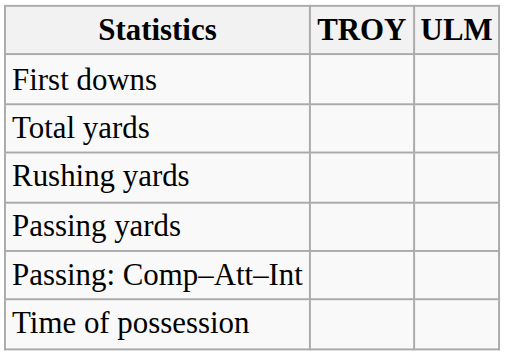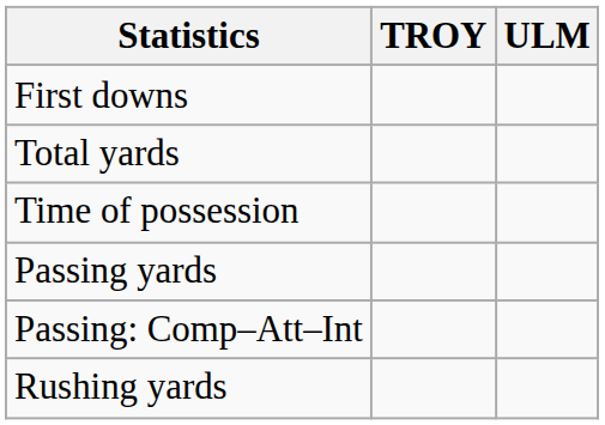 <table class="wikitable" style="float: left;">
 <tr>
 <th>Statistics</th>
 <th>TROY</th>
 <th>ULM</th>
 </tr>
 <tr>
 <td>First downs</td>
 <td></td>
 <td></td>
 </tr>
 <tr>
 <td>Total yards</td>
 <td></td>
 <td></td>
 </tr>
 <tr>
-<td>Rushing yards</td>
+<td>Time of possession</td>
 <td></td>
 <td></td>
 </tr>
 <tr>
 <td>Passing yards</td>
 <td></td>
 <td></td>
 </tr>
 <tr>
 <td>Passing: Comp–Att–Int</td>
 <td></td>
 <td></td>
 </tr>
 <tr>
-<td>Time of possession</td>
+<td>Rushing yards</td>
 <td></td>
 <td></td>
 </tr>
 </table>
